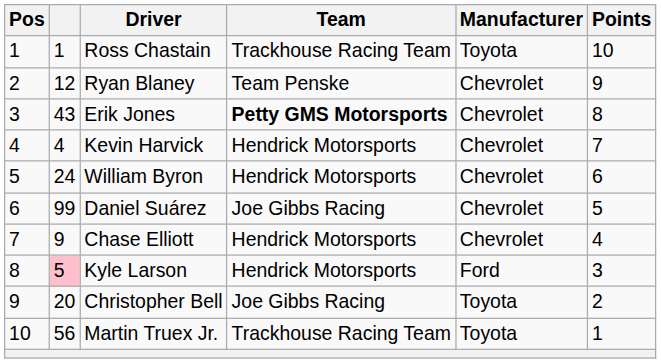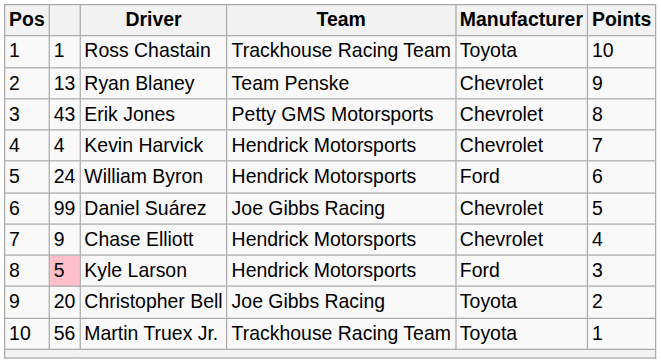 <table class="wikitable" style="font-size:98%">
 <tr>
 <th>Pos</th>
 <th></th>
 <th>Driver</th>
 <th>Team</th>
 <th>Manufacturer</th>
 <th>Points</th>
 </tr>
 <tr>
 <td>1</td>
 <td>1</td>
 <td>Ross Chastain</td>
 <td>Trackhouse Racing Team</td>
 <td>Toyota</td>
 <td>10</td>
 </tr>
 <tr>
 <td>2</td>
-<td>12</td>
+<td>13</td>
 <td>Ryan Blaney</td>
 <td>Team Penske</td>
 <td>Chevrolet</td>
 <td>9</td>
 </tr>
 <tr>
 <td>3</td>
 <td>43</td>
 <td>Erik Jones</td>
-<td><strong>Petty GMS Motorsports</strong></td>
+<td>Petty GMS Motorsports</td>
 <td>Chevrolet</td>
 <td>8</td>
 </tr>
 <tr>
 <td>4</td>
 <td>4</td>
 <td>Kevin Harvick</td>
 <td>Hendrick Motorsports</td>
 <td>Chevrolet</td>
 <td>7</td>
 </tr>
 <tr>
 <td>5</td>
 <td>24</td>
 <td>William Byron</td>
 <td>Hendrick Motorsports</td>
-<td>Chevrolet</td>
+<td>Ford</td>
 <td>6</td>
 </tr>
 <tr>
 <td>6</td>
 <td>99</td>
 <td>Daniel Suárez</td>
 <td>Joe Gibbs Racing</td>
 <td>Chevrolet</td>
 <td>5</td>
 </tr>
 <tr>
 <td>7</td>
 <td>9</td>
 <td>Chase Elliott</td>
 <td>Hendrick Motorsports</td>
 <td>Chevrolet</td>
 <td>4</td>
 </tr>
 <tr>
 <td>8</td>
 <td style="background: pink;">5</td>
 <td>Kyle Larson</td>
 <td>Hendrick Motorsports</td>
 <td>Ford</td>
 <td>3</td>
 </tr>
 <tr>
 <td>9</td>
 <td>20</td>
 <td>Christopher Bell</td>
 <td>Joe Gibbs Racing</td>
 <td>Toyota</td>
 <td>2</td>
 </tr>
 <tr>
 <td>10</td>
 <td>56</td>
 <td>Martin Truex Jr.</td>
 <td>Trackhouse Racing Team</td>
 <td>Toyota</td>
 <td>1</td>
 </tr>
 <tr>
 <th colspan="6"></th>
 </tr>
 </table>
